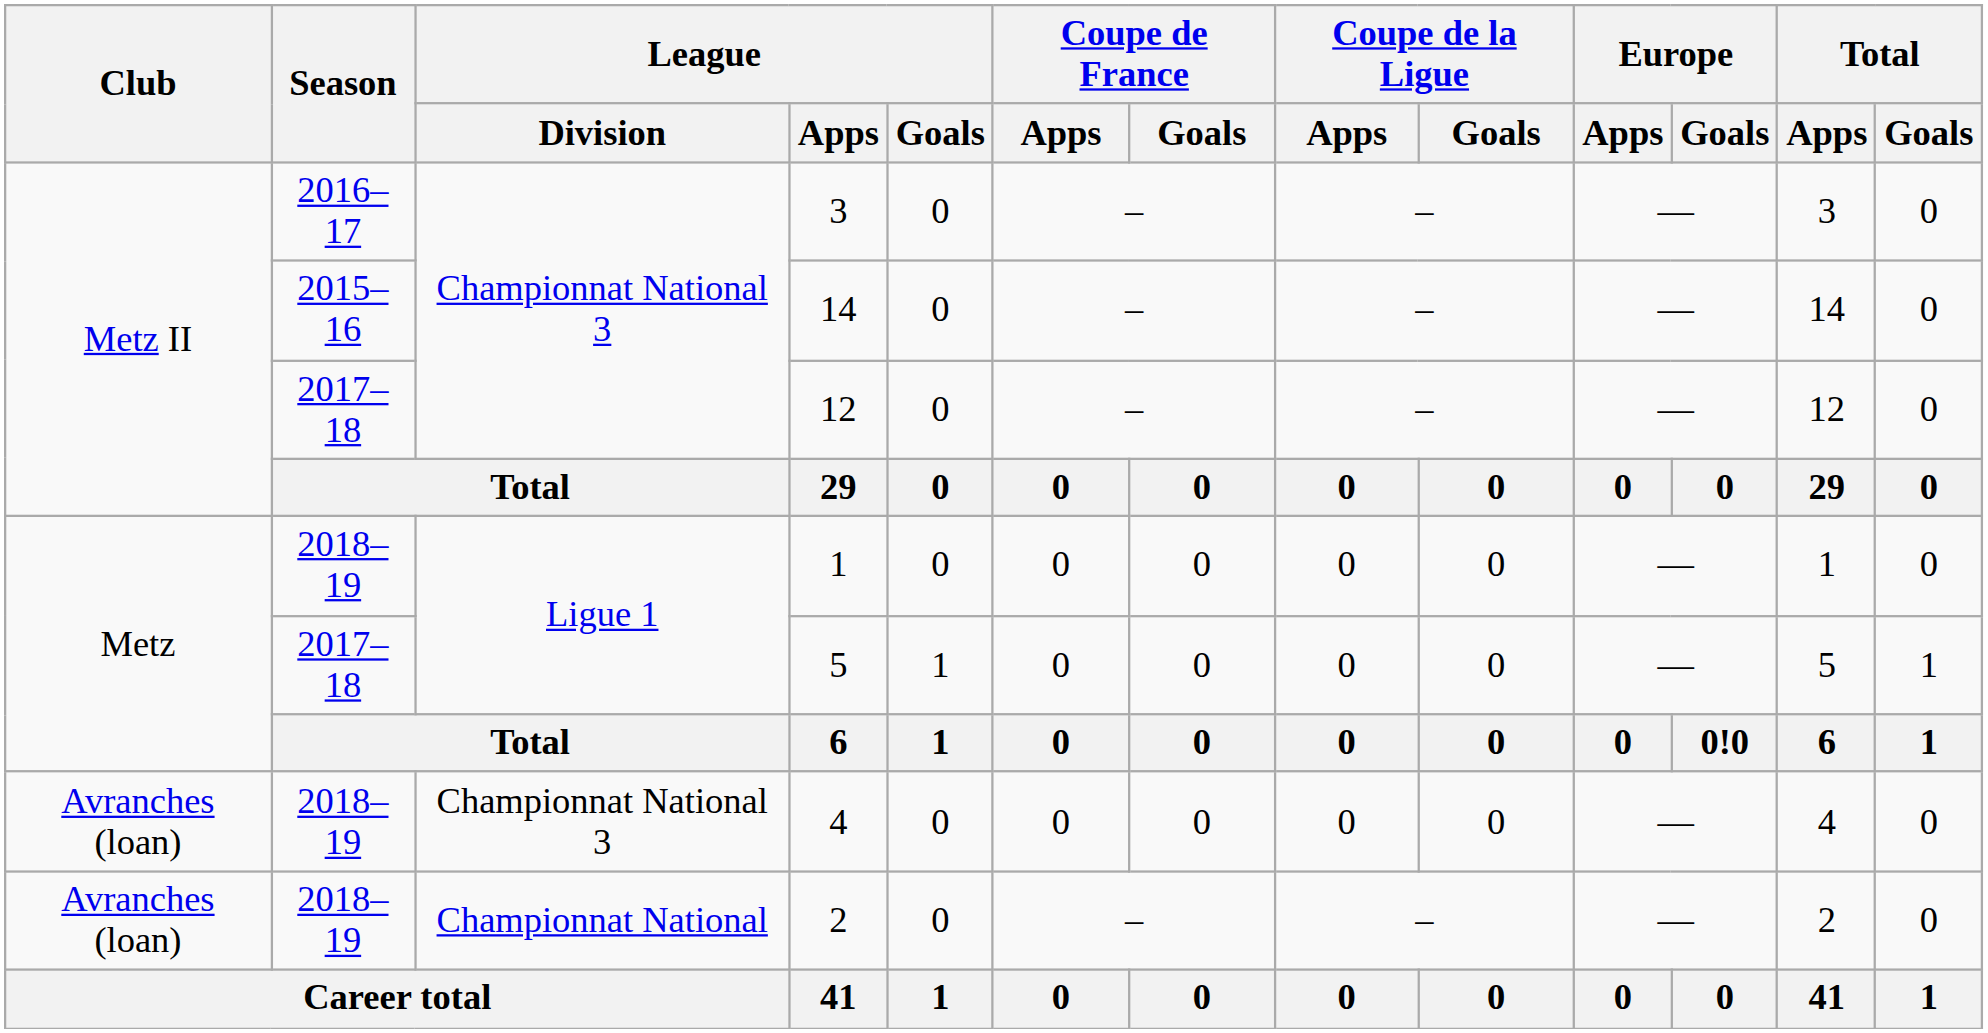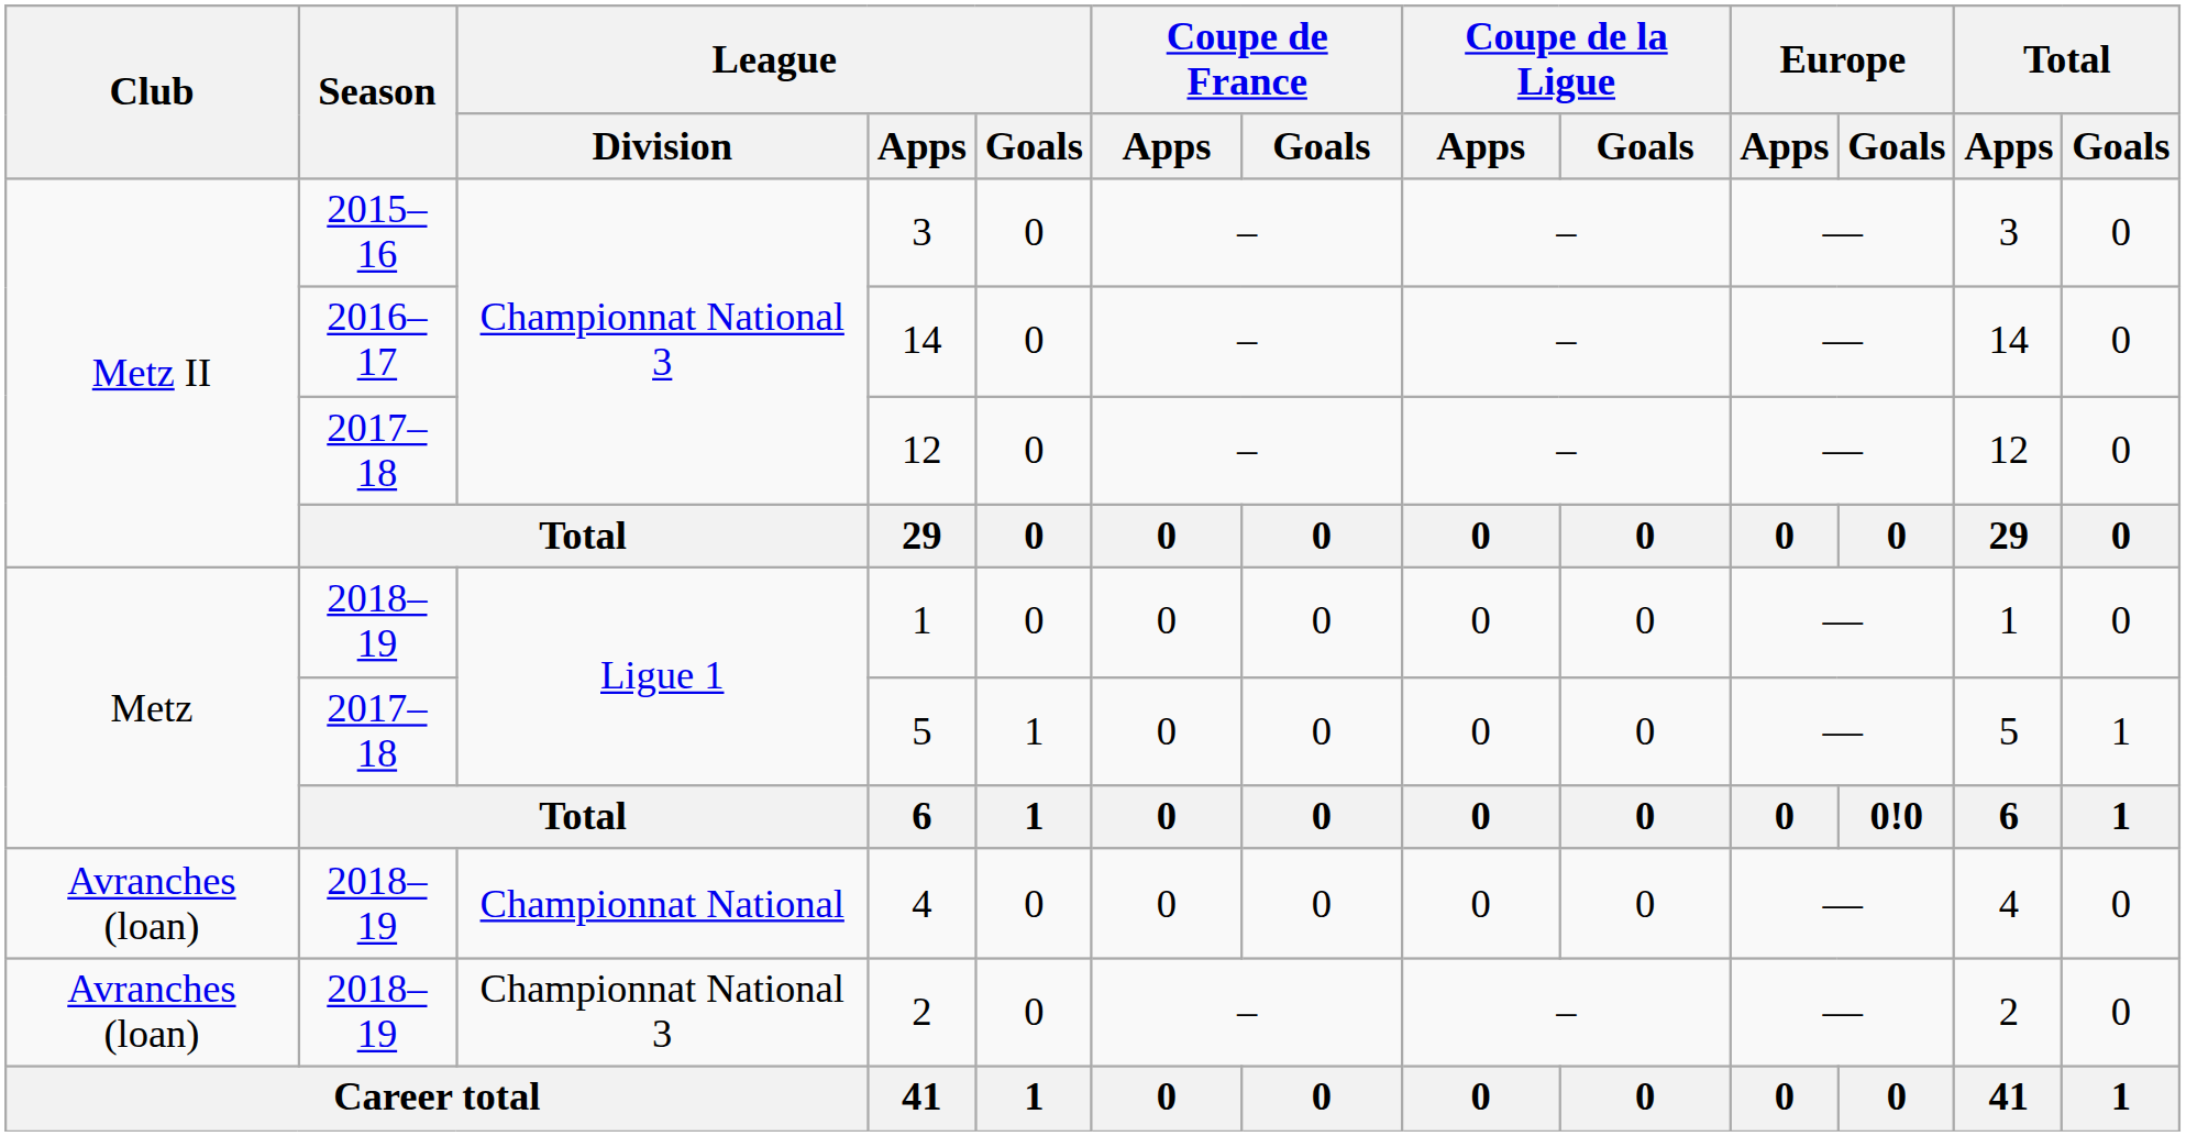 <table class="wikitable" style="text-align: center">
 <tr>
 <th rowspan="2">Club</th>
 <th rowspan="2">Season</th>
 <th colspan="3">League</th>
 <th colspan="2"><a href='#'>Coupe de France</a></th>
 <th colspan="2"><a href='#'>Coupe de la Ligue</a></th>
 <th colspan="2">Europe</th>
 <th colspan="2">Total</th>
 </tr>
 <tr>
 <th>Division</th>
 <th>Apps</th>
 <th>Goals</th>
 <th>Apps</th>
 <th>Goals</th>
 <th>Apps</th>
 <th>Goals</th>
 <th>Apps</th>
 <th>Goals</th>
 <th>Apps</th>
 <th>Goals</th>
 </tr>
 <tr>
 <td rowspan="4"><a href='#'>Metz</a> II</td>
-<td><a href='#'>2016–17</a></td>
+<td><a href='#'>2015–16</a></td>
 <td rowspan="3"><a href='#'>Championnat National 3</a></td>
 <td>3</td>
 <td>0</td>
 <td colspan="2">–</td>
 <td colspan="2">–</td>
 <td colspan="2">—</td>
 <td>3</td>
 <td>0</td>
 </tr>
 <tr>
-<td><a href='#'>2015–16</a></td>
+<td><a href='#'>2016–17</a></td>
 <td>14</td>
 <td>0</td>
 <td colspan="2">–</td>
 <td colspan="2">–</td>
 <td colspan="2">—</td>
 <td>14</td>
 <td>0</td>
 </tr>
 <tr>
 <td><a href='#'>2017–18</a></td>
 <td>12</td>
 <td>0</td>
 <td colspan="2">–</td>
 <td colspan="2">–</td>
 <td colspan="2">—</td>
 <td>12</td>
 <td>0</td>
 </tr>
 <tr>
 <th colspan="2">Total</th>
 <th>29</th>
 <th>0</th>
 <th>0</th>
 <th>0</th>
 <th>0</th>
 <th>0</th>
 <th>0</th>
 <th>0</th>
 <th>29</th>
 <th>0</th>
 </tr>
 <tr>
 <td rowspan="3">Metz</td>
 <td><a href='#'>2018–19</a></td>
 <td rowspan="2"><a href='#'>Ligue 1</a></td>
 <td>1</td>
 <td>0</td>
 <td>0</td>
 <td>0</td>
 <td>0</td>
 <td>0</td>
 <td colspan="2">—</td>
 <td>1</td>
 <td>0</td>
 </tr>
 <tr>
 <td><a href='#'>2017–18</a></td>
 <td>5</td>
 <td>1</td>
 <td>0</td>
 <td>0</td>
 <td>0</td>
 <td>0</td>
 <td colspan="2">—</td>
 <td>5</td>
 <td>1</td>
 </tr>
 <tr>
 <th colspan="2">Total</th>
 <th>6</th>
 <th>1</th>
 <th>0</th>
 <th>0</th>
 <th>0</th>
 <th>0</th>
 <th>0</th>
 <th>0!0</th>
 <th>6</th>
 <th>1</th>
 </tr>
 <tr>
 <td><a href='#'>Avranches</a> (loan)</td>
 <td><a href='#'>2018–19</a></td>
-<td>Championnat National 3</td>
+<td><a href='#'>Championnat National</a></td>
 <td>4</td>
 <td>0</td>
 <td>0</td>
 <td>0</td>
 <td>0</td>
 <td>0</td>
 <td colspan="2">—</td>
 <td>4</td>
 <td>0</td>
 </tr>
 <tr>
 <td><a href='#'>Avranches</a> (loan)</td>
 <td><a href='#'>2018–19</a></td>
-<td><a href='#'>Championnat National</a></td>
+<td>Championnat National 3</td>
 <td>2</td>
 <td>0</td>
 <td colspan="2">–</td>
 <td colspan="2">–</td>
 <td colspan="2">—</td>
 <td>2</td>
 <td>0</td>
 </tr>
 <tr>
 <th colspan="3">Career total</th>
 <th>41</th>
 <th>1</th>
 <th>0</th>
 <th>0</th>
 <th>0</th>
 <th>0</th>
 <th>0</th>
 <th>0</th>
 <th>41</th>
 <th>1</th>
 </tr>
 </table>
